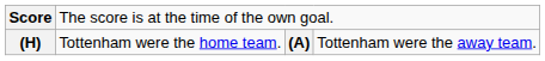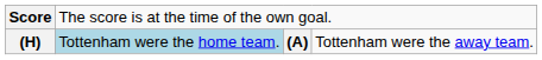 <table class="wikitable">
 <tr>
 <th>Score</th>
 <td colspan="3">The score is at the time of the own goal.</td>
 </tr>
 <tr>
 <th>(H)</th>
-<td>Tottenham were the <a href='#'>home team</a>.</td>
+<td style="background: lightblue;">Tottenham were the <a href='#'>home team</a>.</td>
 <th>(A)</th>
 <td>Tottenham were the <a href='#'>away team</a>.</td>
 </tr>
 </table>
